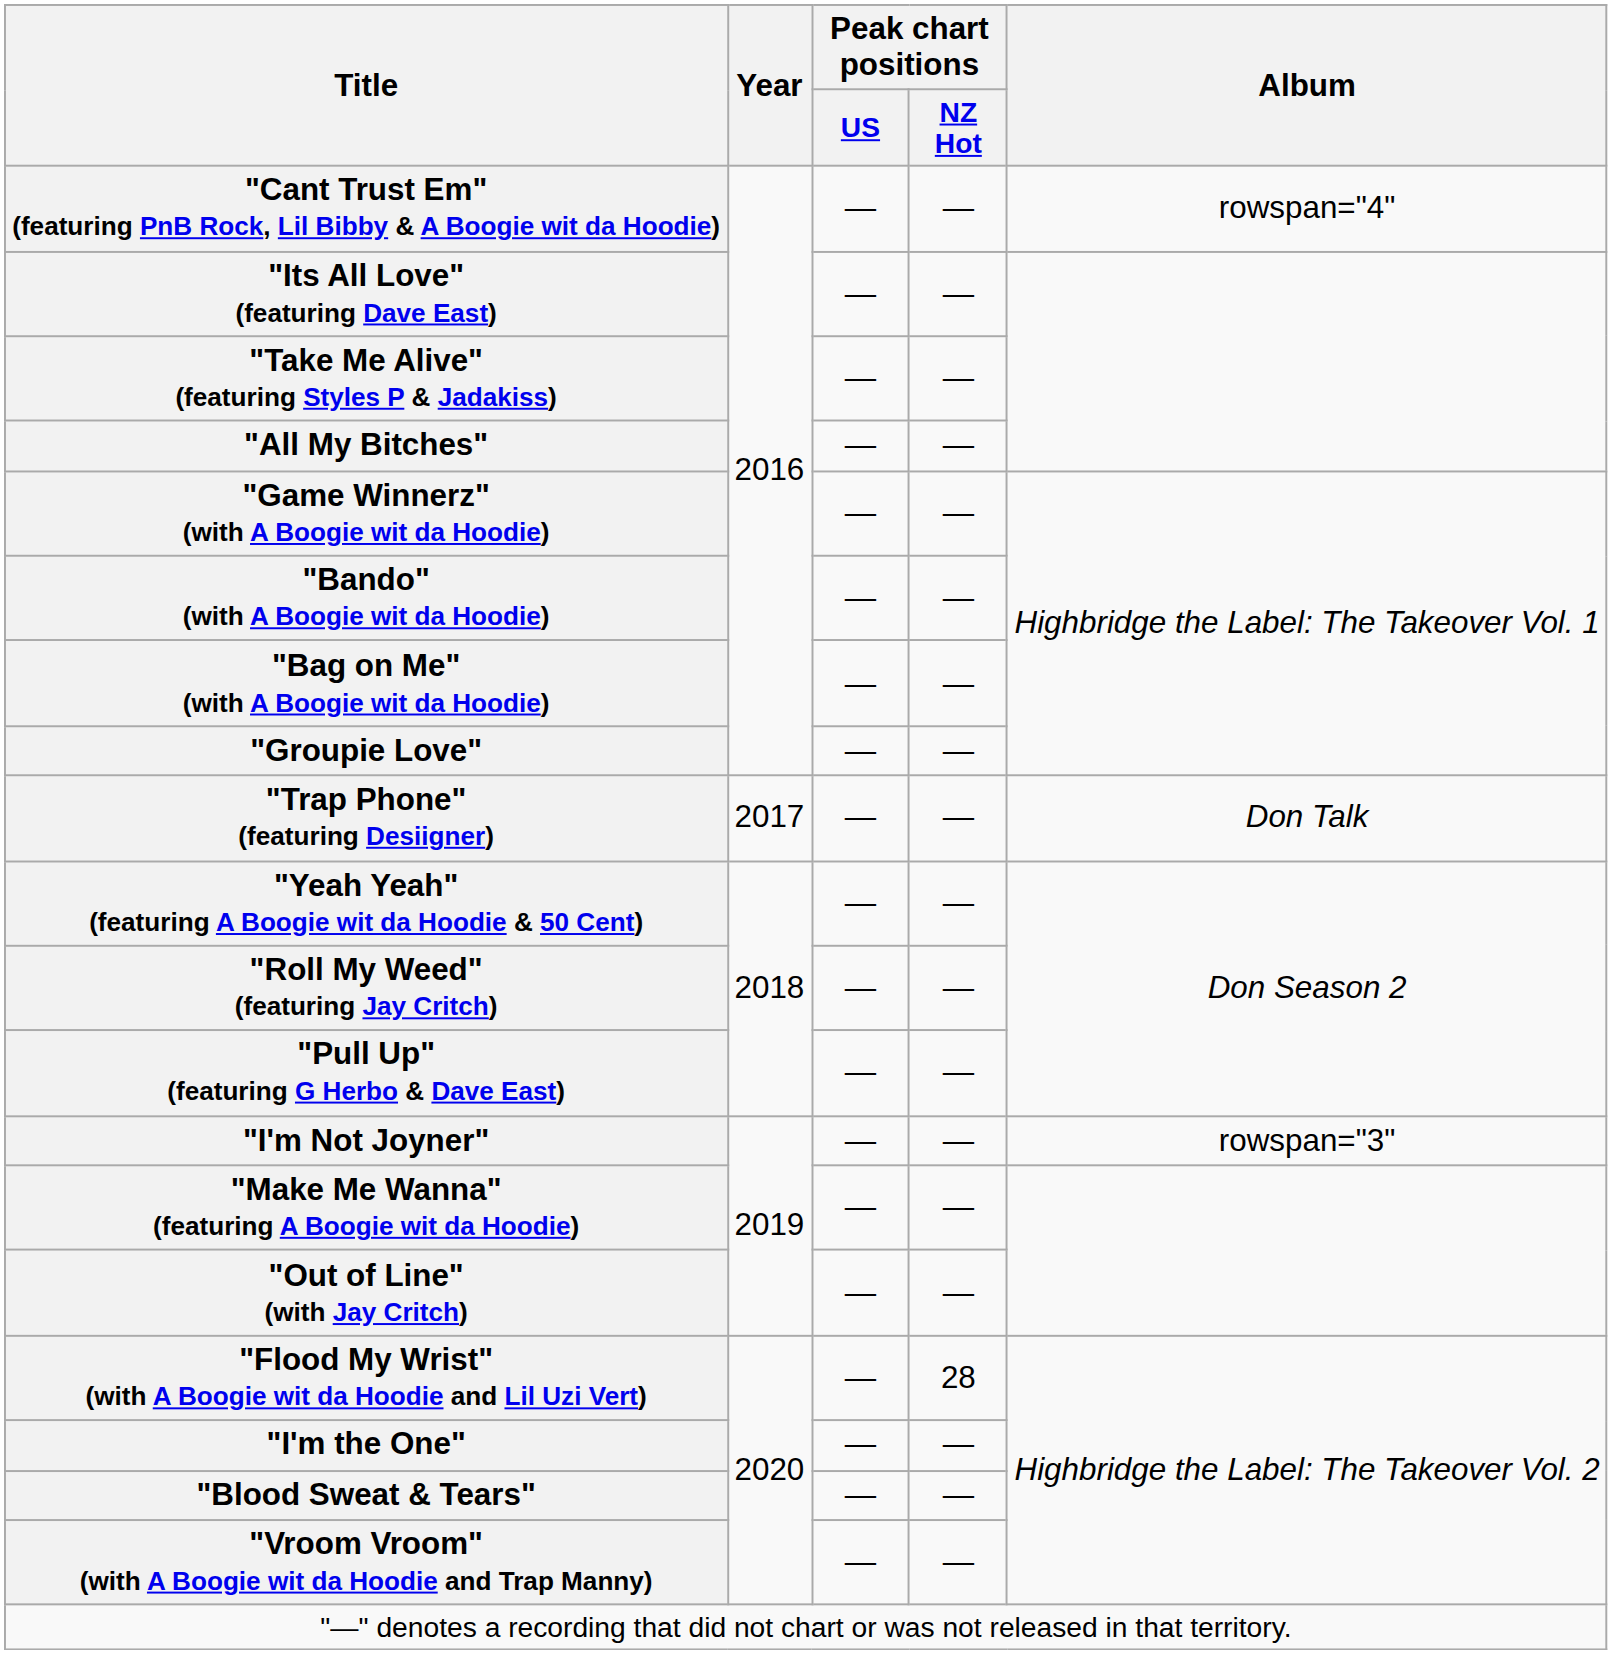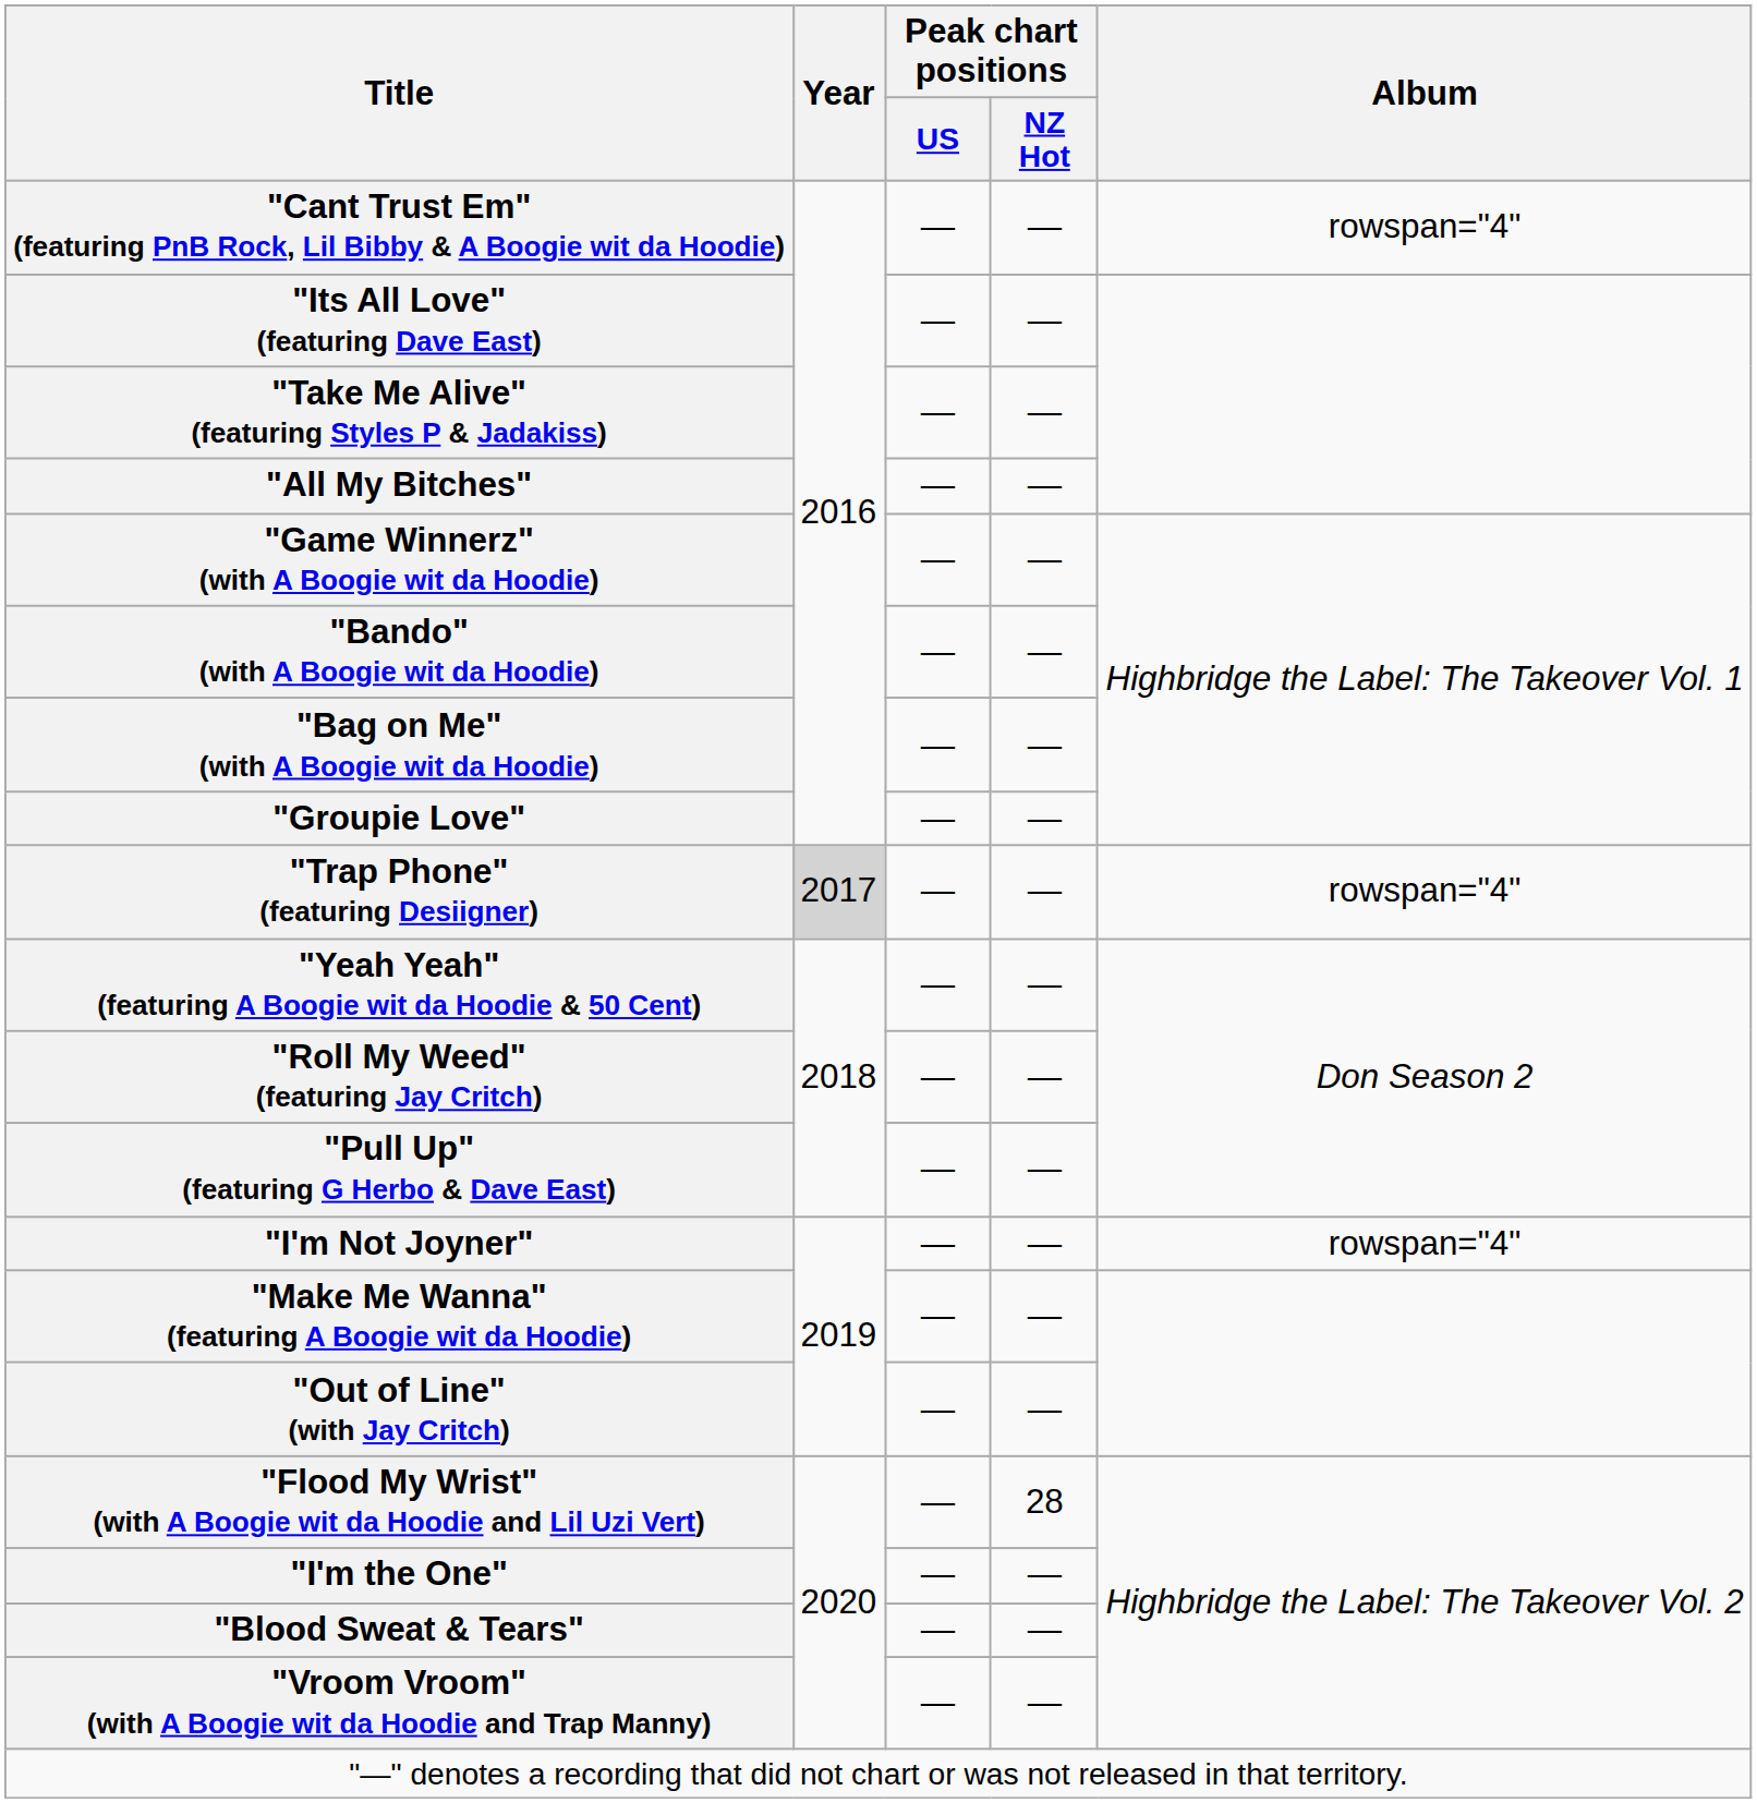 <table class="wikitable plainrowheaders" style="text-align:center">
 <tr *>
 <th rowspan="2">Title</th>
 <th rowspan="2">Year</th>
 <th colspan="2">Peak chart positions</th>
 <th rowspan="2">Album</th>
 </tr>
 <tr>
 <th scope="col" style="width:3em;font-size:90%;"><a href='#'>US</a></th>
 <th scope="col" style="width:3em;font-size:90%;"><a href='#'>NZ<br>Hot</a></th>
 </tr>
 <tr>
 <th scope="row">"Cant Trust Em"<br><small>(featuring <a href='#'>PnB Rock</a>, <a href='#'>Lil Bibby</a> & <a href='#'>A Boogie wit da Hoodie</a>)</small></th>
 <td rowspan="8">2016</td>
 <td>—</td>
 <td>—</td>
 <td>rowspan="4" </td>
 </tr>
 <tr>
 <th scope="row">"Its All Love"<br><small>(featuring <a href='#'>Dave East</a>)</small></th>
 <td>—</td>
 <td>—</td>
 </tr>
 <tr>
 <th scope="row">"Take Me Alive"<br><small>(featuring <a href='#'>Styles P</a> & <a href='#'>Jadakiss</a>)</small></th>
 <td>—</td>
 <td>—</td>
 </tr>
 <tr>
 <th scope="row">"All My Bitches"</th>
 <td>—</td>
 <td>—</td>
 </tr>
 <tr>
 <th scope="row">"Game Winnerz"<br><small>(with <a href='#'>A Boogie wit da Hoodie</a>)</small></th>
 <td>—</td>
 <td>—</td>
 <td rowspan="4"><em>Highbridge the Label: The Takeover Vol. 1</em></td>
 </tr>
 <tr>
 <th scope="row">"Bando"<br><small>(with <a href='#'>A Boogie wit da Hoodie</a>)</small></th>
 <td>—</td>
 <td>—</td>
 </tr>
 <tr>
 <th scope="row">"Bag on Me"<br><small>(with <a href='#'>A Boogie wit da Hoodie</a>)</small></th>
 <td>—</td>
 <td>—</td>
 </tr>
 <tr>
 <th scope="row">"Groupie Love"</th>
 <td>—</td>
 <td>—</td>
 </tr>
 <tr>
 <th scope="row">"Trap Phone"<br><small>(featuring <a href='#'>Desiigner</a>)</small></th>
-<td rowspan="1">2017</td>
+<td rowspan="1" style="background: lightgrey;">2017</td>
 <td>—</td>
 <td>—</td>
-<td><em>Don Talk</em></td>
+<td>rowspan="4" </td>
 </tr>
 <tr>
 <th scope="row">"Yeah Yeah"<br><small>(featuring <a href='#'>A Boogie wit da Hoodie</a> & <a href='#'>50 Cent</a>)</small></th>
 <td rowspan="3">2018</td>
 <td>—</td>
 <td>—</td>
 <td rowspan="3"><em>Don Season 2</em></td>
 </tr>
 <tr>
 <th scope="row">"Roll My Weed"<br><small>(featuring <a href='#'>Jay Critch</a>)</small></th>
 <td>—</td>
 <td>—</td>
 </tr>
 <tr>
 <th scope="row">"Pull Up"<br><small>(featuring <a href='#'>G Herbo</a> & <a href='#'>Dave East</a>)</small></th>
 <td>—</td>
 <td>—</td>
 </tr>
 <tr>
 <th scope="row">"I'm Not Joyner"</th>
 <td rowspan="3">2019</td>
 <td>—</td>
 <td>—</td>
-<td>rowspan="3" </td>
+<td>rowspan="4" </td>
 </tr>
 <tr>
 <th scope="row">"Make Me Wanna"<br><small>(featuring <a href='#'>A Boogie wit da Hoodie</a>)</small></th>
 <td>—</td>
 <td>—</td>
 </tr>
 <tr>
 <th scope="row">"Out of Line"<br><small>(with <a href='#'>Jay Critch</a>)</small></th>
 <td>—</td>
 <td>—</td>
 </tr>
 <tr>
 <th scope="row">"Flood My Wrist"<br><small>(with <a href='#'>A Boogie wit da Hoodie</a> and <a href='#'>Lil Uzi Vert</a>)</small></th>
 <td rowspan="4">2020</td>
 <td>—</td>
 <td>28</td>
 <td rowspan="4"><em>Highbridge the Label: The Takeover Vol. 2</em></td>
 </tr>
 <tr>
 <th scope="row">"I'm the One"</th>
 <td>—</td>
 <td>—</td>
 </tr>
 <tr>
 <th scope="row">"Blood Sweat & Tears"</th>
 <td>—</td>
 <td>—</td>
 </tr>
 <tr>
 <th scope="row">"Vroom Vroom"<br><small>(with <a href='#'>A Boogie wit da Hoodie</a> and Trap Manny)</small></th>
 <td>—</td>
 <td>—</td>
 </tr>
 <tr>
 <td colspan="5" style="font-size:90%">"—" denotes a recording that did not chart or was not released in that territory.</td>
 </tr>
 </table>
